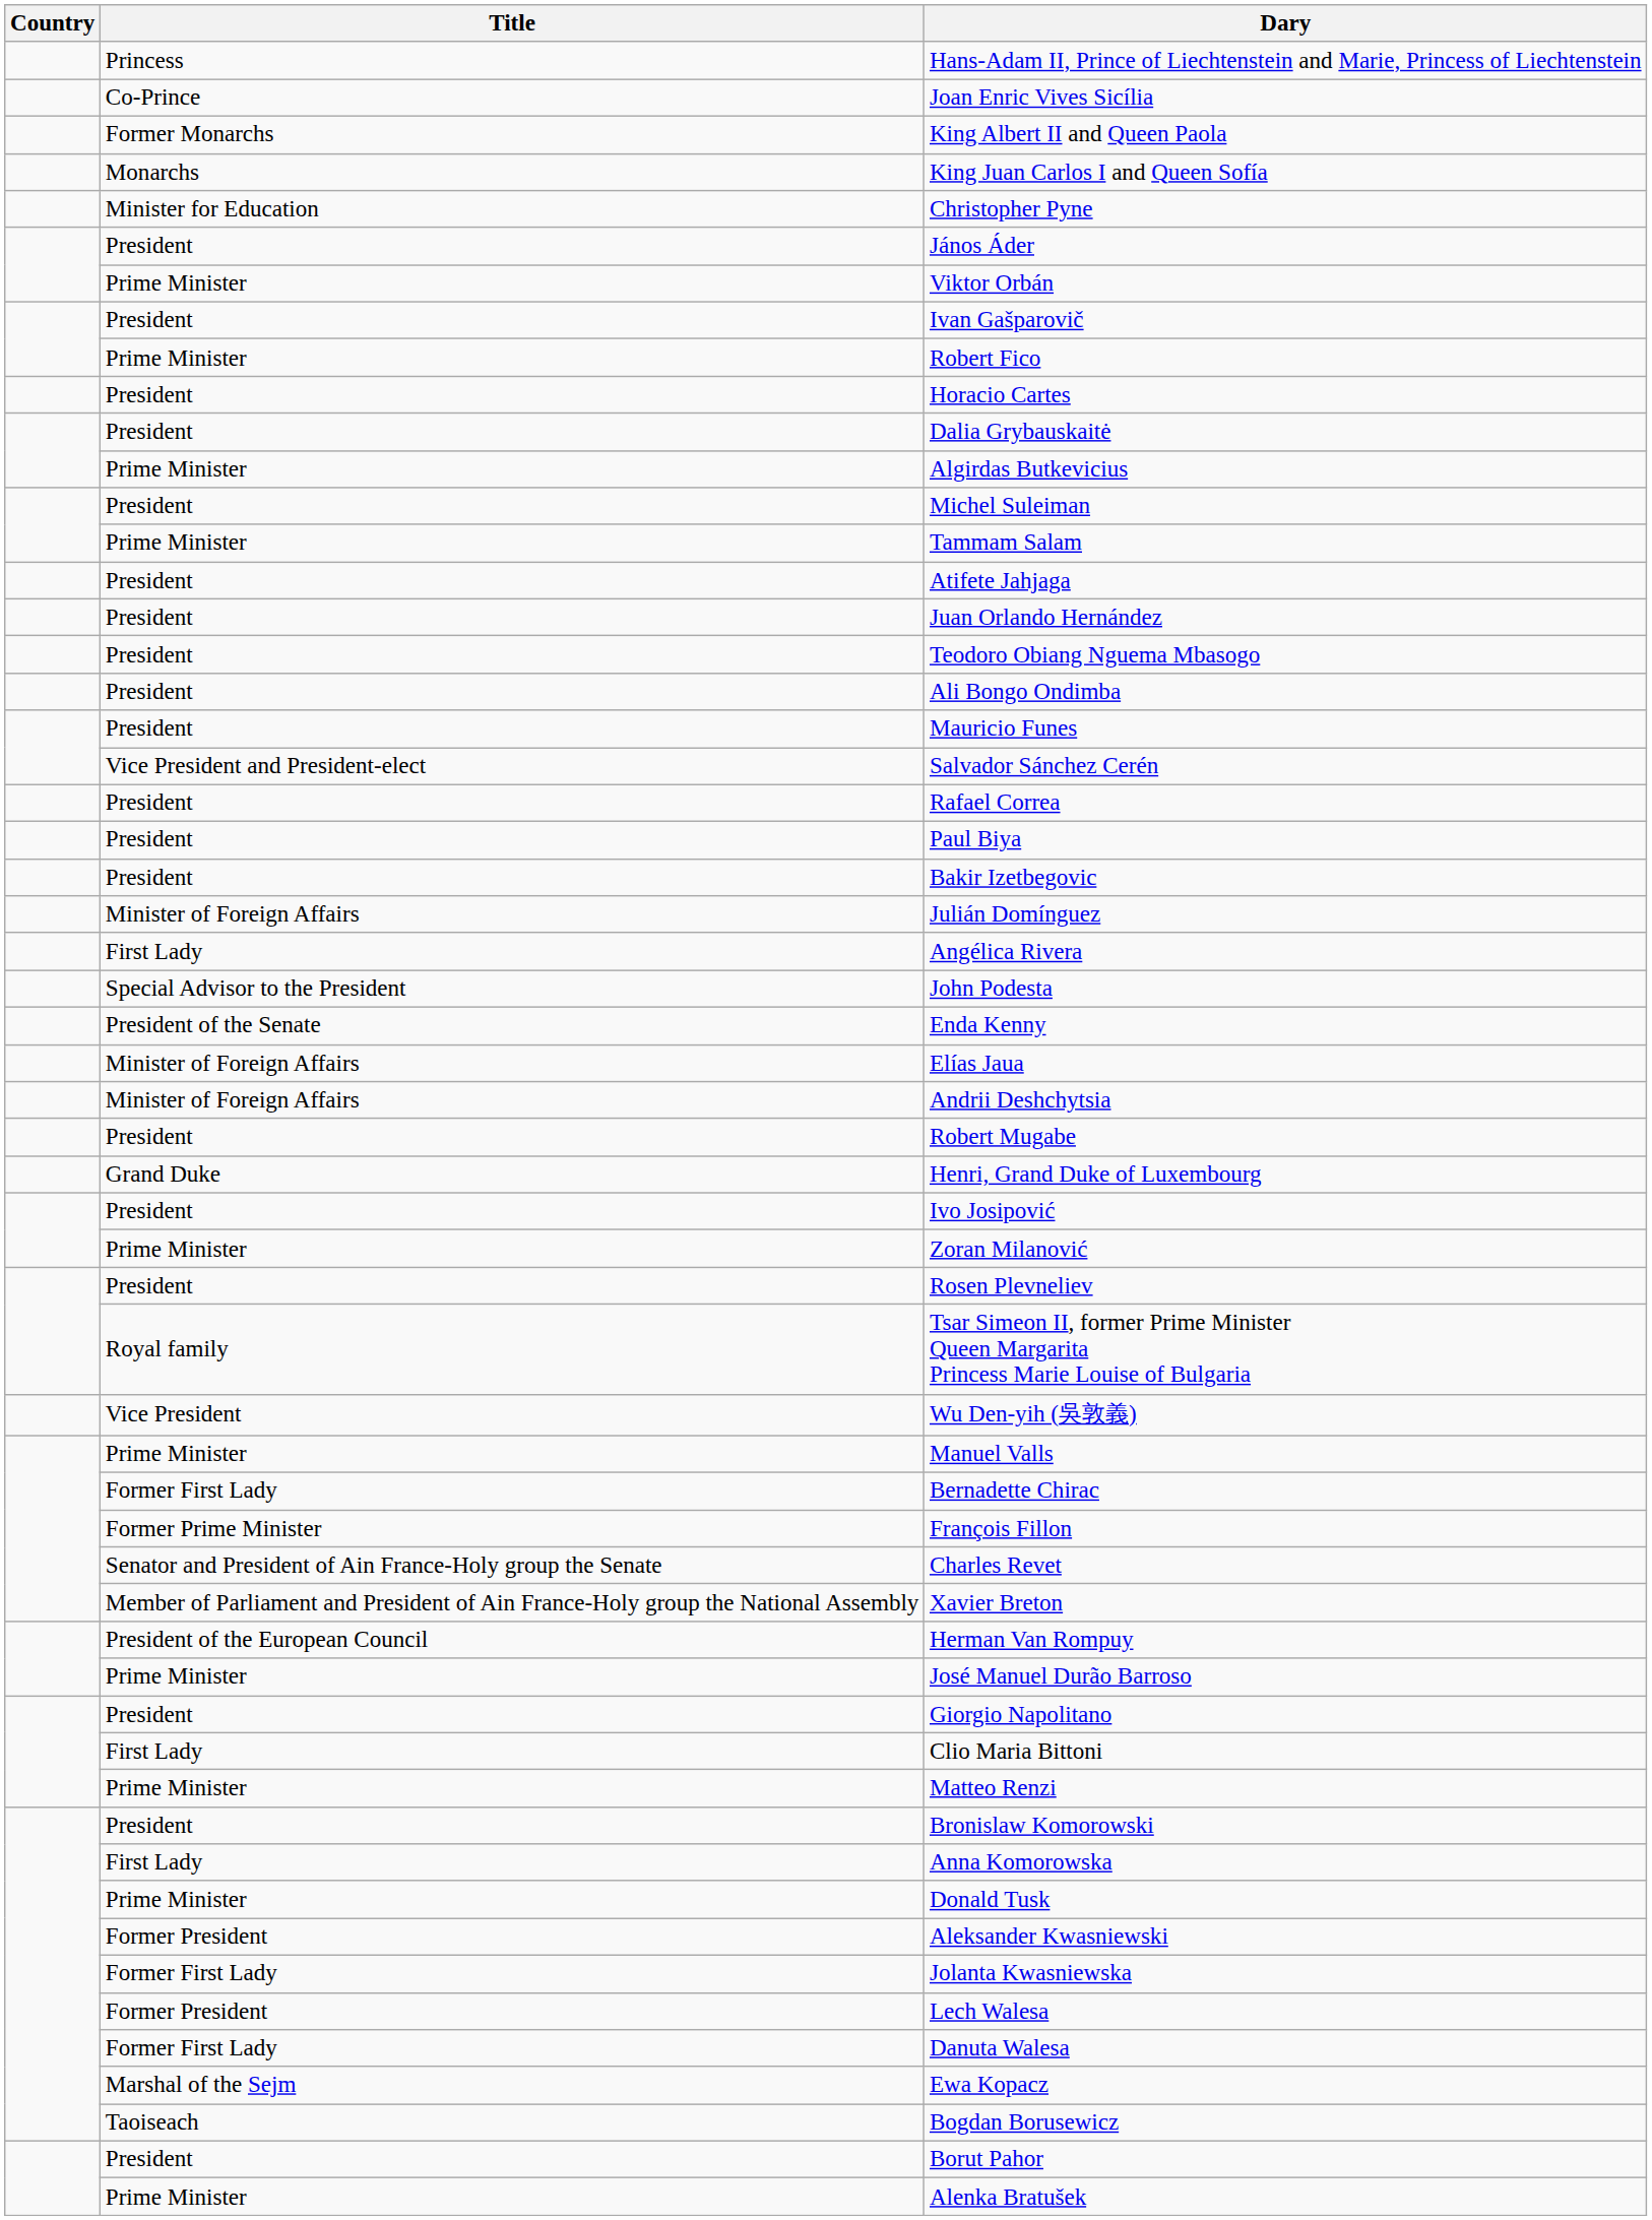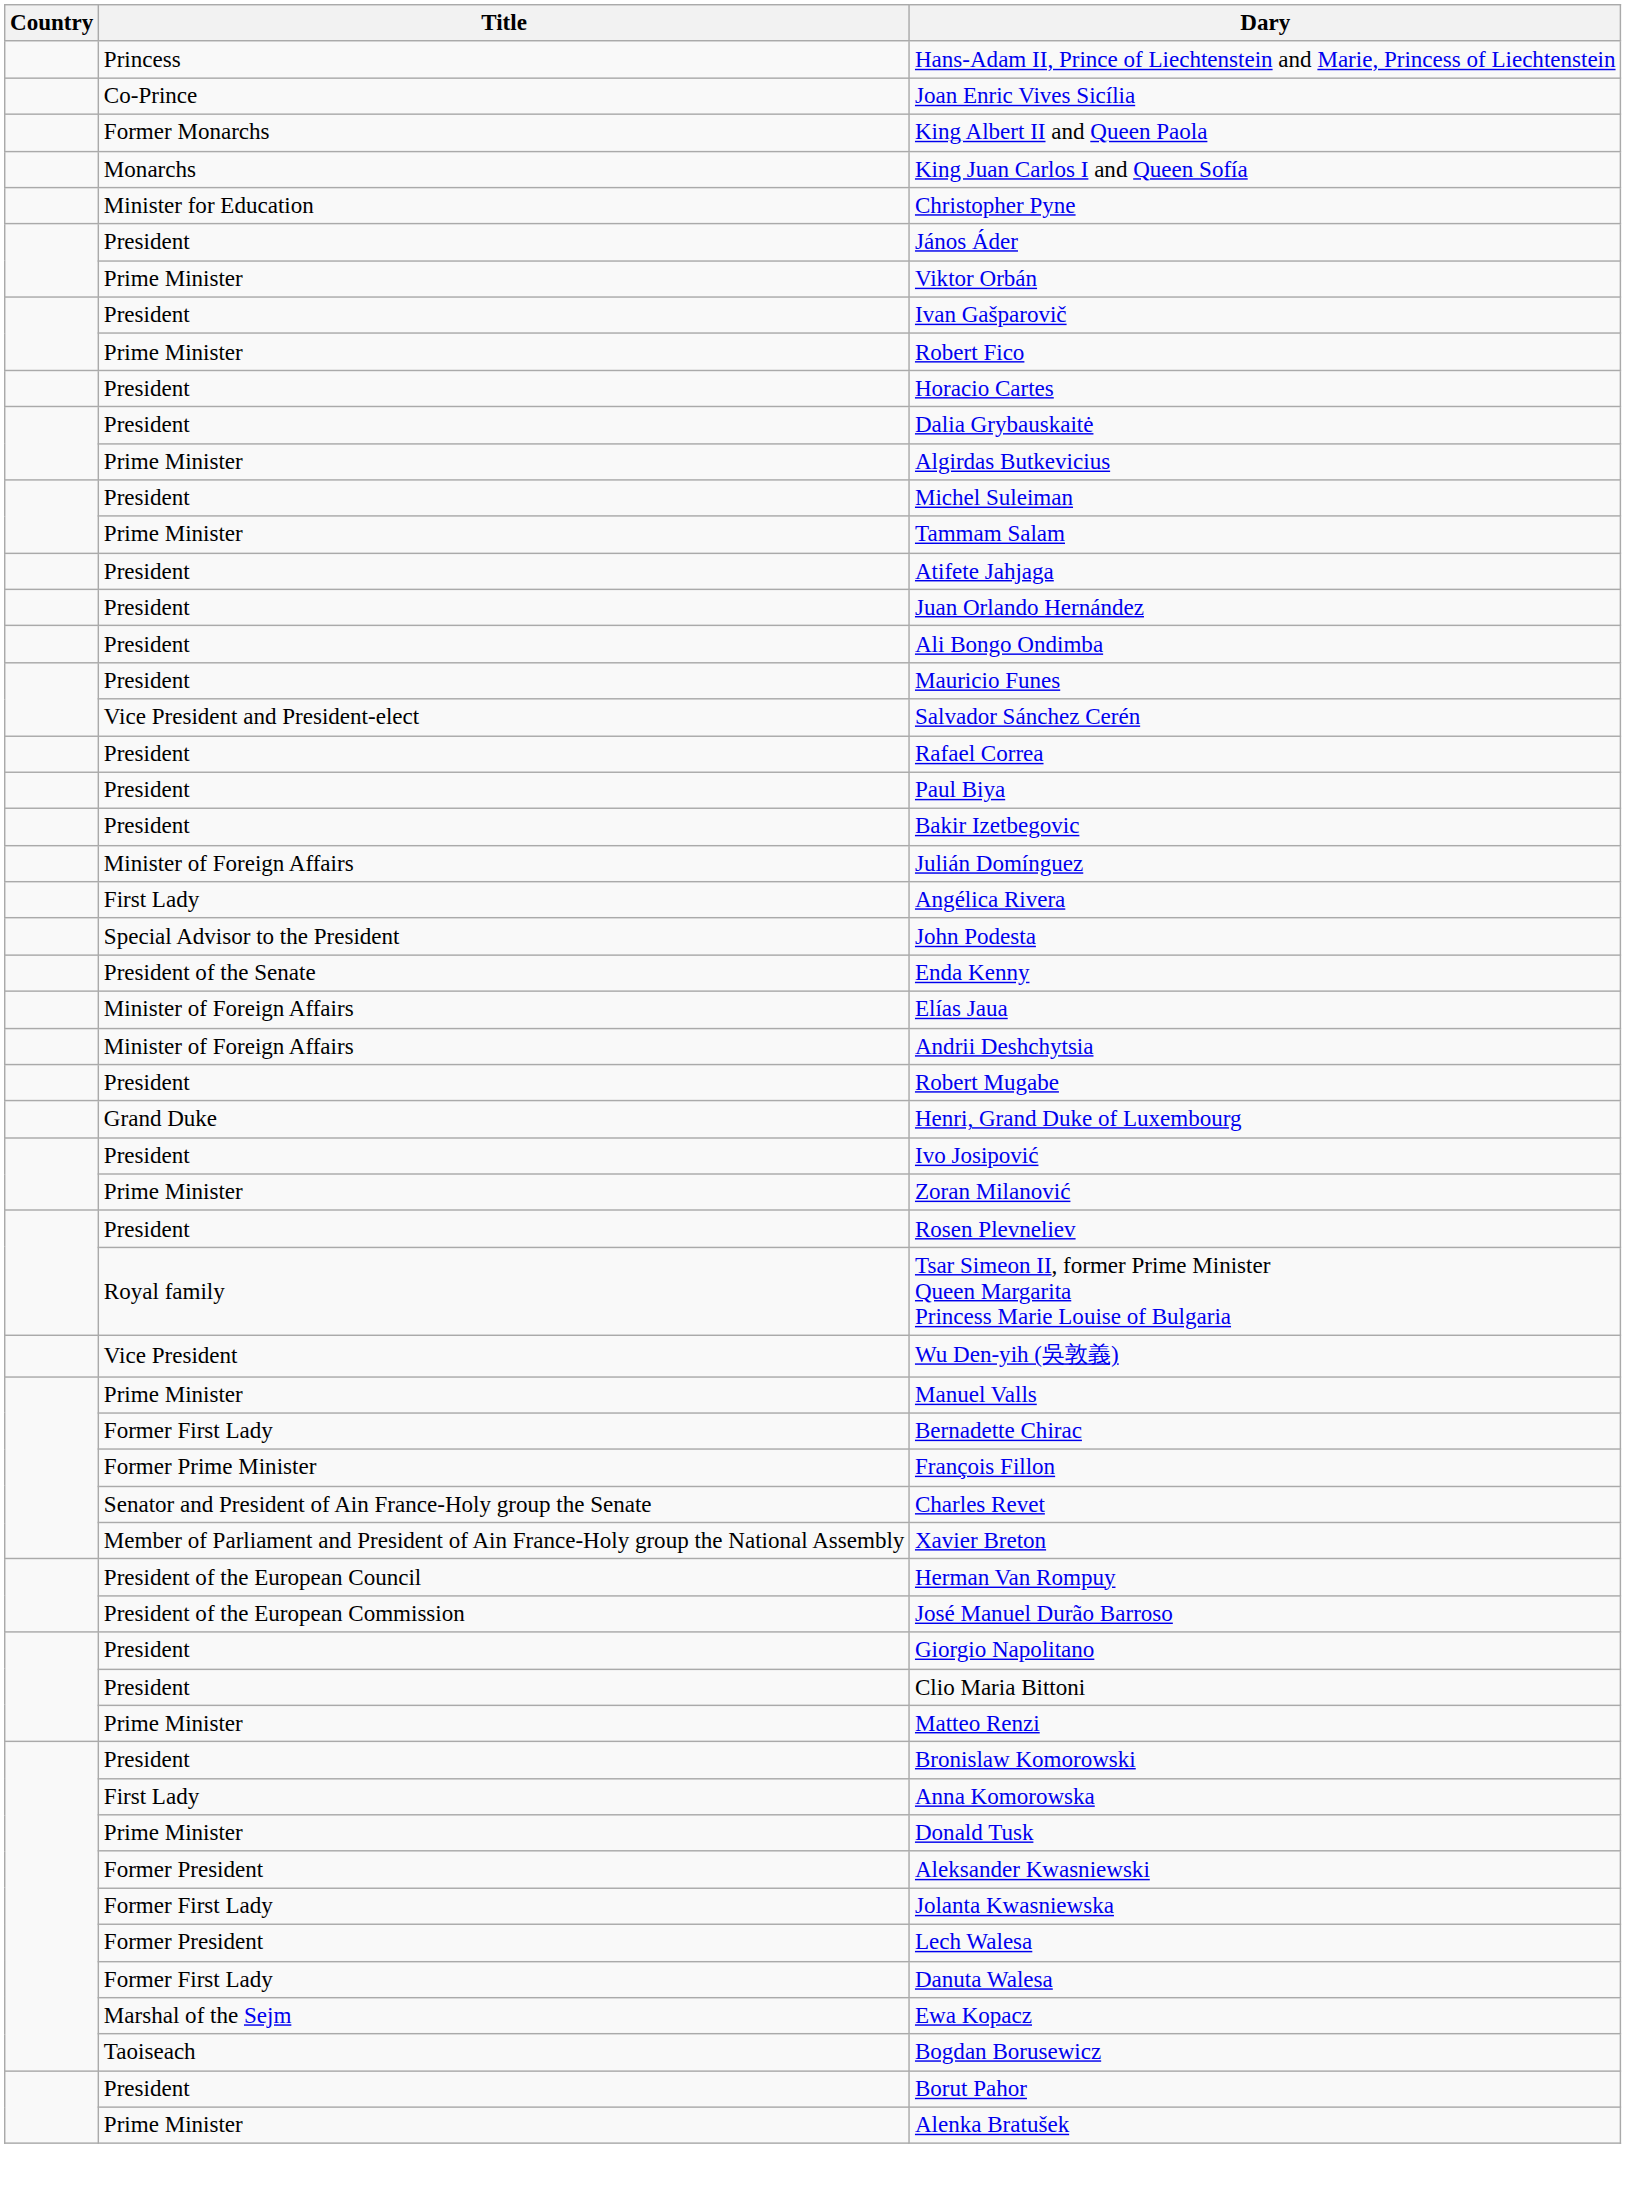 <table class="wikitable sortable">
 <tr>
 <th>Country</th>
 <th>Title</th>
 <th>Dary</th>
 </tr>
 <tr>
 <td></td>
 <td>Princess</td>
 <td><a href='#'>Hans-Adam II, Prince of Liechtenstein</a> and <a href='#'>Marie, Princess of Liechtenstein</a></td>
 </tr>
 <tr>
 <td></td>
 <td>Co-Prince</td>
 <td><a href='#'>Joan Enric Vives Sicília</a></td>
 </tr>
 <tr>
 <td></td>
 <td>Former Monarchs</td>
 <td><a href='#'>King Albert II</a> and <a href='#'>Queen Paola</a></td>
 </tr>
 <tr>
 <td></td>
 <td>Monarchs</td>
 <td><a href='#'>King Juan Carlos I</a> and <a href='#'>Queen Sofía</a></td>
 </tr>
 <tr>
 <td></td>
 <td>Minister for Education</td>
 <td><a href='#'>Christopher Pyne</a></td>
 </tr>
 <tr>
 <td rowspan="2"></td>
 <td>President</td>
 <td><a href='#'>János Áder</a></td>
 </tr>
 <tr>
 <td>Prime Minister</td>
 <td><a href='#'>Viktor Orbán</a></td>
 </tr>
 <tr>
 <td rowspan="2"></td>
 <td>President</td>
 <td><a href='#'>Ivan Gašparovič</a></td>
 </tr>
 <tr>
 <td>Prime Minister</td>
 <td><a href='#'>Robert Fico</a></td>
 </tr>
 <tr>
 <td></td>
 <td>President</td>
 <td><a href='#'>Horacio Cartes</a></td>
 </tr>
 <tr>
 <td rowspan="2"></td>
 <td>President</td>
 <td><a href='#'>Dalia Grybauskaitė</a></td>
 </tr>
 <tr>
 <td>Prime Minister</td>
 <td><a href='#'>Algirdas Butkevicius</a></td>
 </tr>
 <tr>
 <td rowspan="2"></td>
 <td>President</td>
 <td><a href='#'>Michel Suleiman</a></td>
 </tr>
 <tr>
 <td>Prime Minister</td>
 <td><a href='#'>Tammam Salam</a></td>
 </tr>
 <tr>
 <td></td>
 <td>President</td>
 <td><a href='#'>Atifete Jahjaga</a></td>
 </tr>
 <tr>
 <td></td>
 <td>President</td>
 <td><a href='#'>Juan Orlando Hernández</a></td>
-</tr>
-<tr>
-<td></td>
-<td>President</td>
-<td><a href='#'>Teodoro Obiang Nguema Mbasogo</a></td>
 </tr>
 <tr>
 <td></td>
 <td>President</td>
 <td><a href='#'>Ali Bongo Ondimba</a></td>
 </tr>
 <tr>
 <td rowspan="2"></td>
 <td>President</td>
 <td><a href='#'>Mauricio Funes</a></td>
 </tr>
 <tr>
 <td>Vice President and President-elect</td>
 <td><a href='#'>Salvador Sánchez Cerén</a></td>
 </tr>
 <tr>
 <td></td>
 <td>President</td>
 <td><a href='#'>Rafael Correa</a></td>
 </tr>
 <tr>
 <td></td>
 <td>President</td>
 <td><a href='#'>Paul Biya</a></td>
 </tr>
 <tr>
 <td></td>
 <td>President</td>
 <td><a href='#'>Bakir Izetbegovic</a></td>
 </tr>
 <tr>
 <td></td>
 <td>Minister of Foreign Affairs</td>
 <td><a href='#'>Julián Domínguez</a></td>
 </tr>
 <tr>
 <td></td>
 <td>First Lady</td>
 <td><a href='#'>Angélica Rivera</a></td>
 </tr>
 <tr>
 <td></td>
 <td>Special Advisor to the President</td>
 <td><a href='#'>John Podesta</a></td>
 </tr>
 <tr>
 <td></td>
 <td>President of the Senate</td>
 <td><a href='#'>Enda Kenny</a></td>
 </tr>
 <tr>
 <td></td>
 <td>Minister of Foreign Affairs</td>
 <td><a href='#'>Elías Jaua</a></td>
 </tr>
 <tr>
 <td></td>
 <td>Minister of Foreign Affairs</td>
 <td><a href='#'>Andrii Deshchytsia</a></td>
 </tr>
 <tr>
 <td></td>
 <td>President</td>
 <td><a href='#'>Robert Mugabe</a></td>
 </tr>
 <tr>
 <td></td>
 <td>Grand Duke</td>
 <td><a href='#'>Henri, Grand Duke of Luxembourg</a></td>
 </tr>
 <tr>
 <td rowspan="2"></td>
 <td>President</td>
 <td><a href='#'>Ivo Josipović</a></td>
 </tr>
 <tr>
 <td>Prime Minister</td>
 <td><a href='#'>Zoran Milanović</a></td>
 </tr>
 <tr>
 <td rowspan="2"></td>
 <td>President</td>
 <td><a href='#'>Rosen Plevneliev</a></td>
 </tr>
 <tr>
 <td>Royal family</td>
 <td><a href='#'>Tsar Simeon II</a>, former Prime Minister<br><a href='#'>Queen Margarita</a><br> <a href='#'>Princess Marie Louise of Bulgaria</a></td>
 </tr>
 <tr>
 <td></td>
 <td>Vice President</td>
 <td><a href='#'>Wu Den-yih (吳敦義)</a></td>
 </tr>
 <tr>
 <td rowspan="5"></td>
 <td>Prime Minister</td>
 <td><a href='#'>Manuel Valls</a></td>
 </tr>
 <tr>
 <td>Former First Lady</td>
 <td><a href='#'>Bernadette Chirac</a></td>
 </tr>
 <tr>
 <td>Former Prime Minister</td>
 <td><a href='#'>François Fillon</a></td>
 </tr>
 <tr>
 <td>Senator and President of Ain France-Holy group the Senate</td>
 <td><a href='#'>Charles Revet</a></td>
 </tr>
 <tr>
 <td>Member of Parliament and President of Ain France-Holy group the National Assembly</td>
 <td><a href='#'>Xavier Breton</a></td>
 </tr>
 <tr>
 <td rowspan="2"></td>
 <td>President of the European Council</td>
 <td><a href='#'>Herman Van Rompuy</a></td>
 </tr>
 <tr>
-<td>Prime Minister</td>
+<td>President of the European Commission</td>
 <td><a href='#'>José Manuel Durão Barroso</a></td>
 </tr>
 <tr>
 <td rowspan="3"></td>
 <td>President</td>
 <td><a href='#'>Giorgio Napolitano</a></td>
 </tr>
 <tr>
-<td>First Lady</td>
+<td>President</td>
 <td>Clio Maria Bittoni</td>
 </tr>
 <tr>
 <td>Prime Minister</td>
 <td><a href='#'>Matteo Renzi</a></td>
 </tr>
 <tr>
 <td rowspan="9"></td>
 <td>President</td>
 <td><a href='#'>Bronislaw Komorowski</a></td>
 </tr>
 <tr>
 <td>First Lady</td>
 <td><a href='#'>Anna Komorowska</a></td>
 </tr>
 <tr>
 <td>Prime Minister</td>
 <td><a href='#'>Donald Tusk</a></td>
 </tr>
 <tr>
 <td>Former President</td>
 <td><a href='#'>Aleksander Kwasniewski</a></td>
 </tr>
 <tr>
 <td>Former First Lady</td>
 <td><a href='#'>Jolanta Kwasniewska</a></td>
 </tr>
 <tr>
 <td>Former President</td>
 <td><a href='#'>Lech Walesa</a></td>
 </tr>
 <tr>
 <td>Former First Lady</td>
 <td><a href='#'>Danuta Walesa</a></td>
 </tr>
 <tr>
 <td>Marshal of the <a href='#'>Sejm</a></td>
 <td><a href='#'>Ewa Kopacz</a></td>
 </tr>
 <tr>
 <td>Taoiseach</td>
 <td><a href='#'>Bogdan Borusewicz</a></td>
 </tr>
 <tr>
 <td rowspan="2"></td>
 <td>President</td>
 <td><a href='#'>Borut Pahor</a></td>
 </tr>
 <tr>
 <td>Prime Minister</td>
 <td><a href='#'>Alenka Bratušek</a></td>
 </tr>
 </table>
